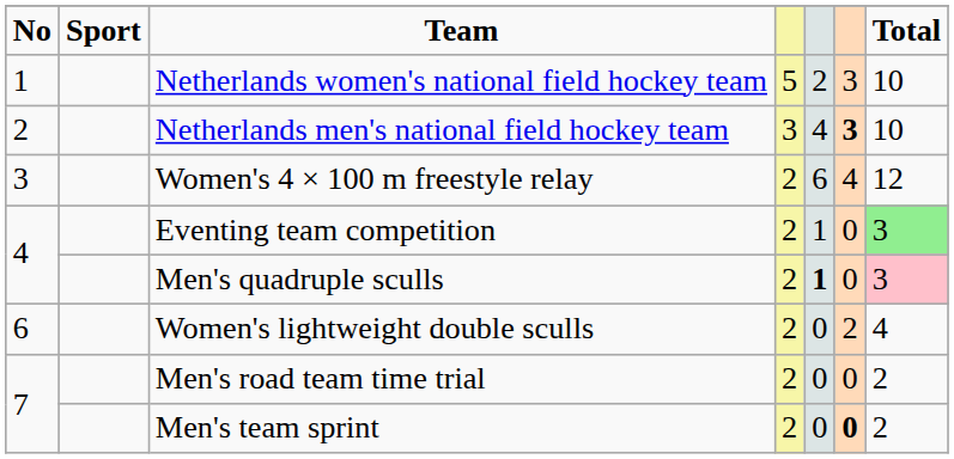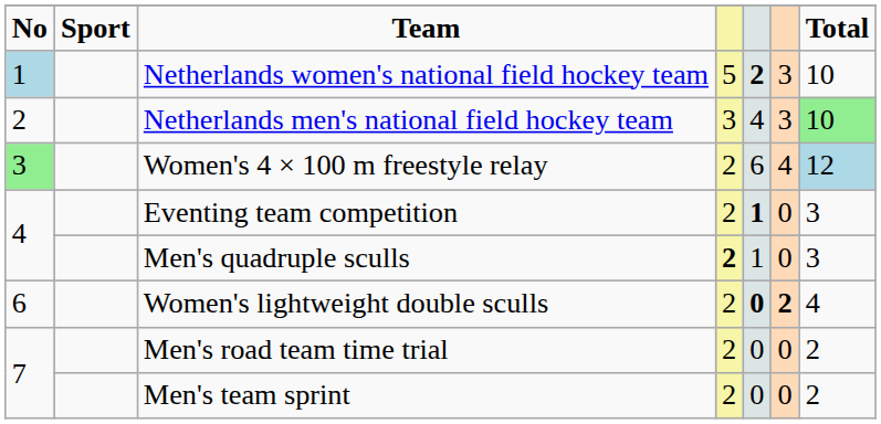 <table class="wikitable">
 <tr style="background:#efefef;">
 </tr>
 <tr align=center>
 <td><strong>No</strong></td>
 <td><strong>Sport</strong></td>
 <td><strong>Team</strong></td>
 <td bgcolor=#f7f6a8></td>
 <td bgcolor=#dce5e5></td>
 <td bgcolor=#ffdab9></td>
 <td><strong>Total</strong></td>
 </tr>
 <tr>
-<td>1</td>
+<td style="background: lightblue;">1</td>
 <td></td>
 <td><a href='#'>Netherlands women's national field hockey team</a></td>
 <td style="background:#F7F6A8;">5</td>
-<td style="background:#DCE5E5;">2</td>
+<td style="background:#DCE5E5;"><strong>2</strong></td>
 <td style="background:#FFDAB9;">3</td>
 <td>10</td>
 </tr>
 <tr>
 <td>2</td>
 <td></td>
 <td><a href='#'>Netherlands men's national field hockey team</a></td>
 <td style="background:#F7F6A8;">3</td>
 <td style="background:#DCE5E5;">4</td>
-<td style="background:#FFDAB9;"><strong>3</strong></td>
-<td>10</td>
+<td style="background:#FFDAB9;">3</td>
+<td style="background: lightgreen;">10</td>
 </tr>
 <tr>
-<td>3</td>
+<td style="background: lightgreen;">3</td>
 <td></td>
 <td>Women's 4 × 100 m freestyle relay</td>
 <td style="background:#F7F6A8;">2</td>
 <td style="background:#DCE5E5;">6</td>
 <td style="background:#FFDAB9;">4</td>
-<td>12</td>
+<td style="background: lightblue;">12</td>
 </tr>
 <tr>
 <td rowspan=2>4</td>
 <td></td>
 <td>Eventing team competition</td>
 <td style="background:#F7F6A8;">2</td>
-<td style="background:#DCE5E5;">1</td>
+<td style="background:#DCE5E5;"><strong>1</strong></td>
 <td style="background:#FFDAB9;">0</td>
-<td style="background: lightgreen;">3</td>
+<td>3</td>
 </tr>
 <tr>
 <td></td>
 <td>Men's quadruple sculls</td>
-<td style="background:#F7F6A8;">2</td>
-<td style="background:#DCE5E5;"><strong>1</strong></td>
+<td style="background:#F7F6A8;"><strong>2</strong></td>
+<td style="background:#DCE5E5;">1</td>
 <td style="background:#FFDAB9;">0</td>
-<td style="background: pink;">3</td>
+<td>3</td>
 </tr>
 <tr>
 <td>6</td>
 <td></td>
 <td>Women's lightweight double sculls</td>
 <td style="background:#F7F6A8;">2</td>
-<td style="background:#DCE5E5;">0</td>
-<td style="background:#FFDAB9;">2</td>
+<td style="background:#DCE5E5;"><strong>0</strong></td>
+<td style="background:#FFDAB9;"><strong>2</strong></td>
 <td>4</td>
 </tr>
 <tr>
 <td rowspan=2>7</td>
 <td></td>
 <td>Men's road team time trial</td>
 <td style="background:#F7F6A8;">2</td>
 <td style="background:#DCE5E5;">0</td>
 <td style="background:#FFDAB9;">0</td>
 <td>2</td>
 </tr>
 <tr>
 <td></td>
 <td>Men's team sprint</td>
 <td style="background:#F7F6A8;">2</td>
 <td style="background:#DCE5E5;">0</td>
-<td style="background:#FFDAB9;"><strong>0</strong></td>
+<td style="background:#FFDAB9;">0</td>
 <td>2</td>
 </tr>
 </table>
